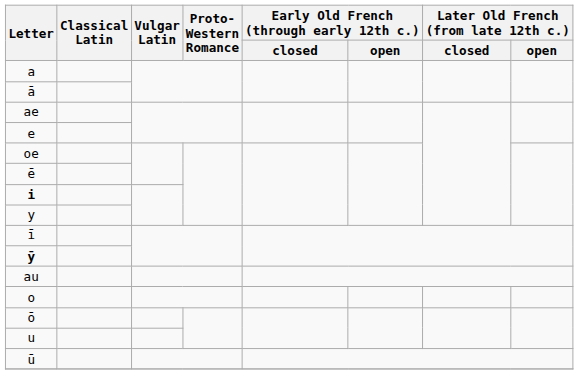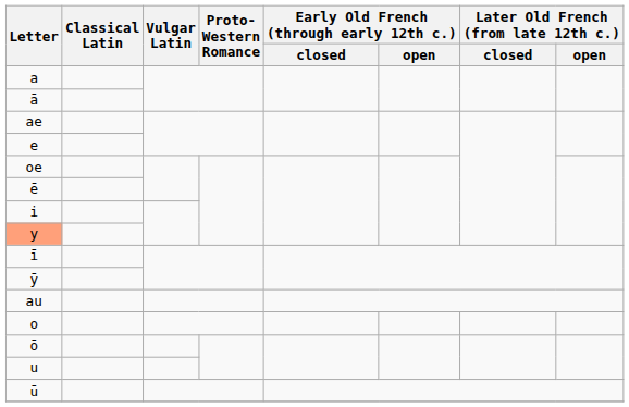 <table class="wikitable" style="float: right; margin: 10px; text-align: center;">
 <tr>
 <th rowspan="2">Letter</th>
 <th rowspan="2">Classical<br>Latin</th>
 <th rowspan="2">Vulgar<br>Latin</th>
 <th rowspan="2">Proto-<br>Western<br>Romance</th>
 <th colspan="2">Early Old French<br>(through early 12th c.)</th>
 <th colspan="2">Later Old French<br>(from late 12th c.)</th>
 </tr>
 <tr>
 <th>closed</th>
 <th>open</th>
 <th>closed</th>
 <th>open</th>
 </tr>
 <tr>
 <td>a</td>
 <td></td>
 <td colspan="2" rowspan="2"></td>
 <td rowspan="2"> </td>
 <td rowspan="2"> </td>
 <td rowspan="2"> </td>
 <td rowspan="2"> </td>
 </tr>
 <tr>
 <td>ā</td>
 <td></td>
 </tr>
 <tr>
 <td>ae</td>
 <td></td>
 <td colspan="2" rowspan="2"></td>
 <td rowspan="2"> </td>
 <td rowspan="2"> </td>
 <td rowspan="6"> </td>
 <td rowspan="2"> </td>
 </tr>
 <tr>
 <td>e</td>
 <td></td>
 </tr>
 <tr>
 <td>oe</td>
 <td></td>
 <td rowspan="2"></td>
 <td rowspan="4"></td>
 <td rowspan="4"> </td>
 <td rowspan="4"> </td>
 <td rowspan="4"> </td>
 </tr>
 <tr>
 <td>ē</td>
 <td></td>
 </tr>
 <tr>
-<td><strong>i</strong></td>
+<td>i</td>
 <td></td>
 <td rowspan="2"></td>
 </tr>
 <tr>
-<td>y</td>
+<td style="background: lightsalmon;">y</td>
 <td></td>
 </tr>
 <tr>
 <td>ī</td>
 <td></td>
 <td colspan="2" rowspan="2"></td>
 <td colspan="4" rowspan="2"> </td>
 </tr>
 <tr>
-<td><strong>ȳ</strong></td>
+<td>ȳ</td>
 <td></td>
 </tr>
 <tr>
 <td>au</td>
 <td></td>
 <td colspan="2"></td>
 <td colspan="4"> </td>
 </tr>
 <tr>
 <td>o</td>
 <td></td>
 <td colspan="2"></td>
 <td> </td>
 <td> </td>
 <td> </td>
 <td> </td>
 </tr>
 <tr>
 <td>ō</td>
 <td></td>
 <td></td>
 <td rowspan="2"></td>
 <td rowspan="2"> </td>
 <td rowspan="2"> </td>
 <td rowspan="2"> </td>
 <td rowspan="2"> </td>
 </tr>
 <tr>
 <td>u</td>
 <td></td>
 <td></td>
 </tr>
 <tr>
 <td>ū</td>
 <td></td>
 <td colspan="2"></td>
 <td colspan="4"> </td>
 </tr>
 <tr>
 </tr>
 </table>
